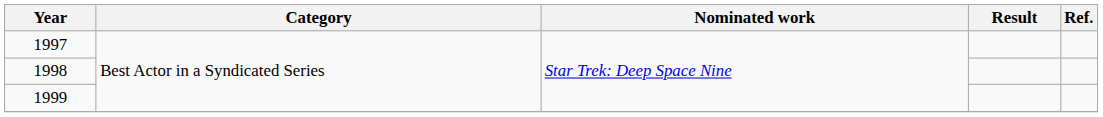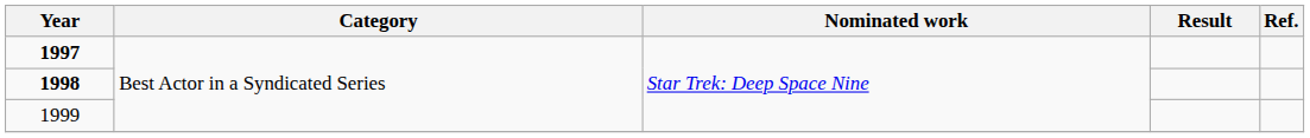 <table class=wikitable>
 <tr>
 <th scope="col" style="width:5em;">Year</th>
 <th scope="col" style="width:26em;">Category</th>
 <th scope="col" style="width:25em;">Nominated work</th>
 <th scope="col" style="width:5em;">Result</th>
 <th>Ref.</th>
 </tr>
 <tr>
-<td style="text-align:center;">1997</td>
+<td style="text-align:center;"><strong>1997</strong></td>
 <td rowspan=3>Best Actor in a Syndicated Series</td>
 <td rowspan=3><em><a href='#'>Star Trek: Deep Space Nine</a></em></td>
 <td></td>
 <td></td>
 </tr>
 <tr>
-<td style="text-align:center;">1998</td>
+<td style="text-align:center;"><strong>1998</strong></td>
 <td></td>
 <td></td>
 </tr>
 <tr>
 <td style="text-align:center;">1999</td>
 <td></td>
 <td></td>
 </tr>
 <tr>
 </tr>
 </table>
